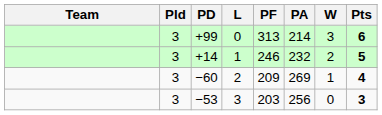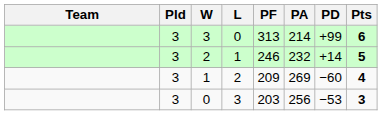 <table class=wikitable style="text-align:center">
 <tr>
 <th width=180>Team</th>
 <th width=30>Pld</th>
-<th width=30>PD</th>
+<th width=30>W</th>
 <th width=30>L</th>
 <th width=30>PF</th>
 <th width=30>PA</th>
-<th width=30>W</th>
+<th width=30>PD</th>
 <th width=30>Pts</th>
 </tr>
 <tr bgcolor="#ccffcc">
 <td align="left"></td>
 <td>3</td>
-<td>+99</td>
+<td>3</td>
 <td>0</td>
 <td>313</td>
 <td>214</td>
-<td>3</td>
+<td>+99</td>
 <td><strong>6</strong></td>
 </tr>
 <tr bgcolor="#ccffcc">
 <td align="left"></td>
 <td>3</td>
-<td>+14</td>
+<td>2</td>
 <td>1</td>
 <td>246</td>
 <td>232</td>
-<td>2</td>
+<td>+14</td>
 <td><strong>5</strong></td>
 </tr>
 <tr>
 <td align="left"></td>
 <td>3</td>
-<td>−60</td>
+<td>1</td>
 <td>2</td>
 <td>209</td>
 <td>269</td>
-<td>1</td>
+<td>−60</td>
 <td><strong>4</strong></td>
 </tr>
 <tr>
 <td align="left"></td>
 <td>3</td>
-<td>−53</td>
+<td>0</td>
 <td>3</td>
 <td>203</td>
 <td>256</td>
-<td>0</td>
+<td>−53</td>
 <td><strong>3</strong></td>
 </tr>
 </table>
